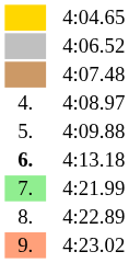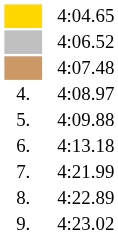 <table style="text-align:center">
 <tr>
 <td width=30 bgcolor=gold></td>
 <td align=left></td>
 <td width=60>4:04.65</td>
 </tr>
 <tr>
 <td bgcolor=silver></td>
 <td align=left></td>
 <td>4:06.52</td>
 </tr>
 <tr>
 <td bgcolor=cc9966></td>
 <td align=left></td>
 <td>4:07.48</td>
 </tr>
 <tr>
 <td>4.</td>
 <td align=left></td>
 <td>4:08.97</td>
 </tr>
 <tr>
 <td>5.</td>
 <td align=left></td>
 <td>4:09.88</td>
 </tr>
 <tr>
-<td><strong>6.</strong></td>
+<td>6.</td>
 <td align=left></td>
 <td>4:13.18</td>
 </tr>
 <tr>
-<td style="background: lightgreen;">7.</td>
+<td>7.</td>
 <td align=left></td>
 <td>4:21.99</td>
 </tr>
 <tr>
 <td>8.</td>
 <td align=left></td>
 <td>4:22.89</td>
 </tr>
 <tr>
-<td style="background: lightsalmon;">9.</td>
+<td>9.</td>
 <td align=left></td>
 <td>4:23.02</td>
 </tr>
 </table>
